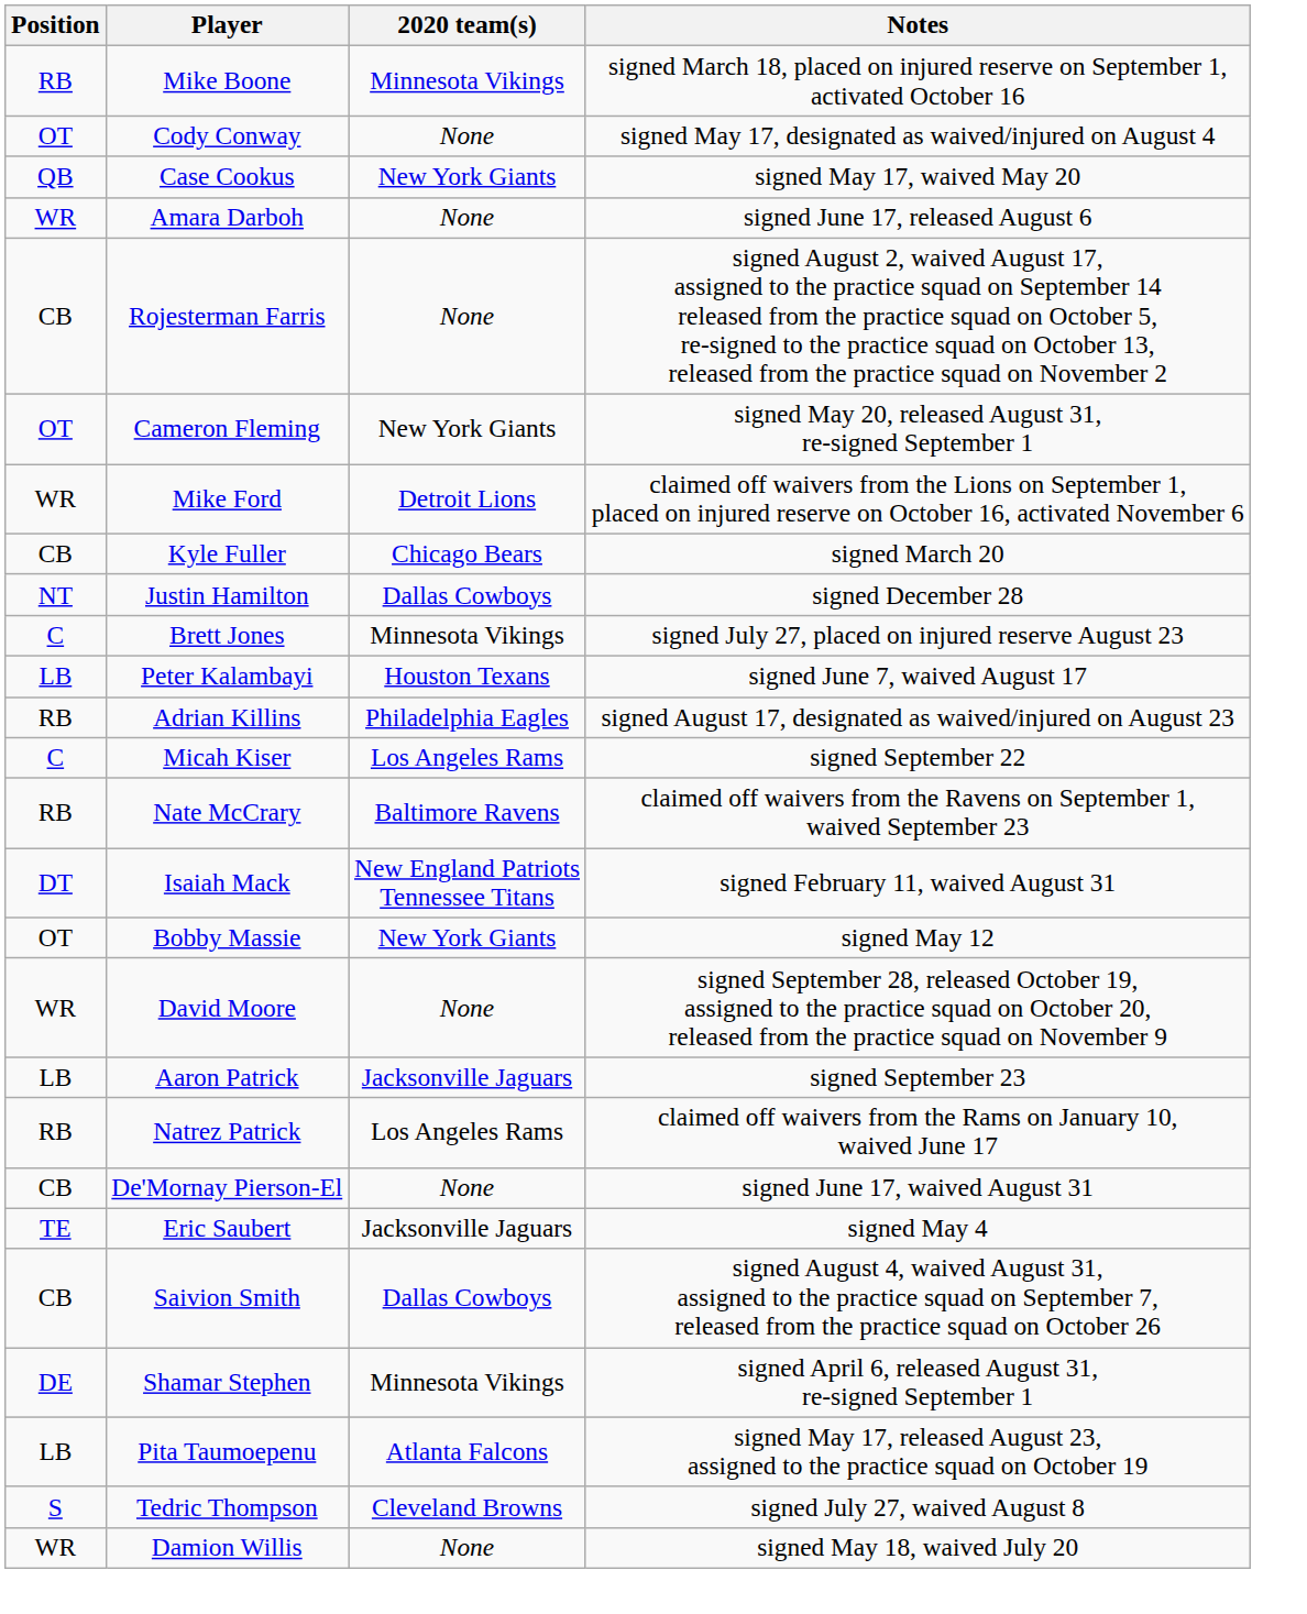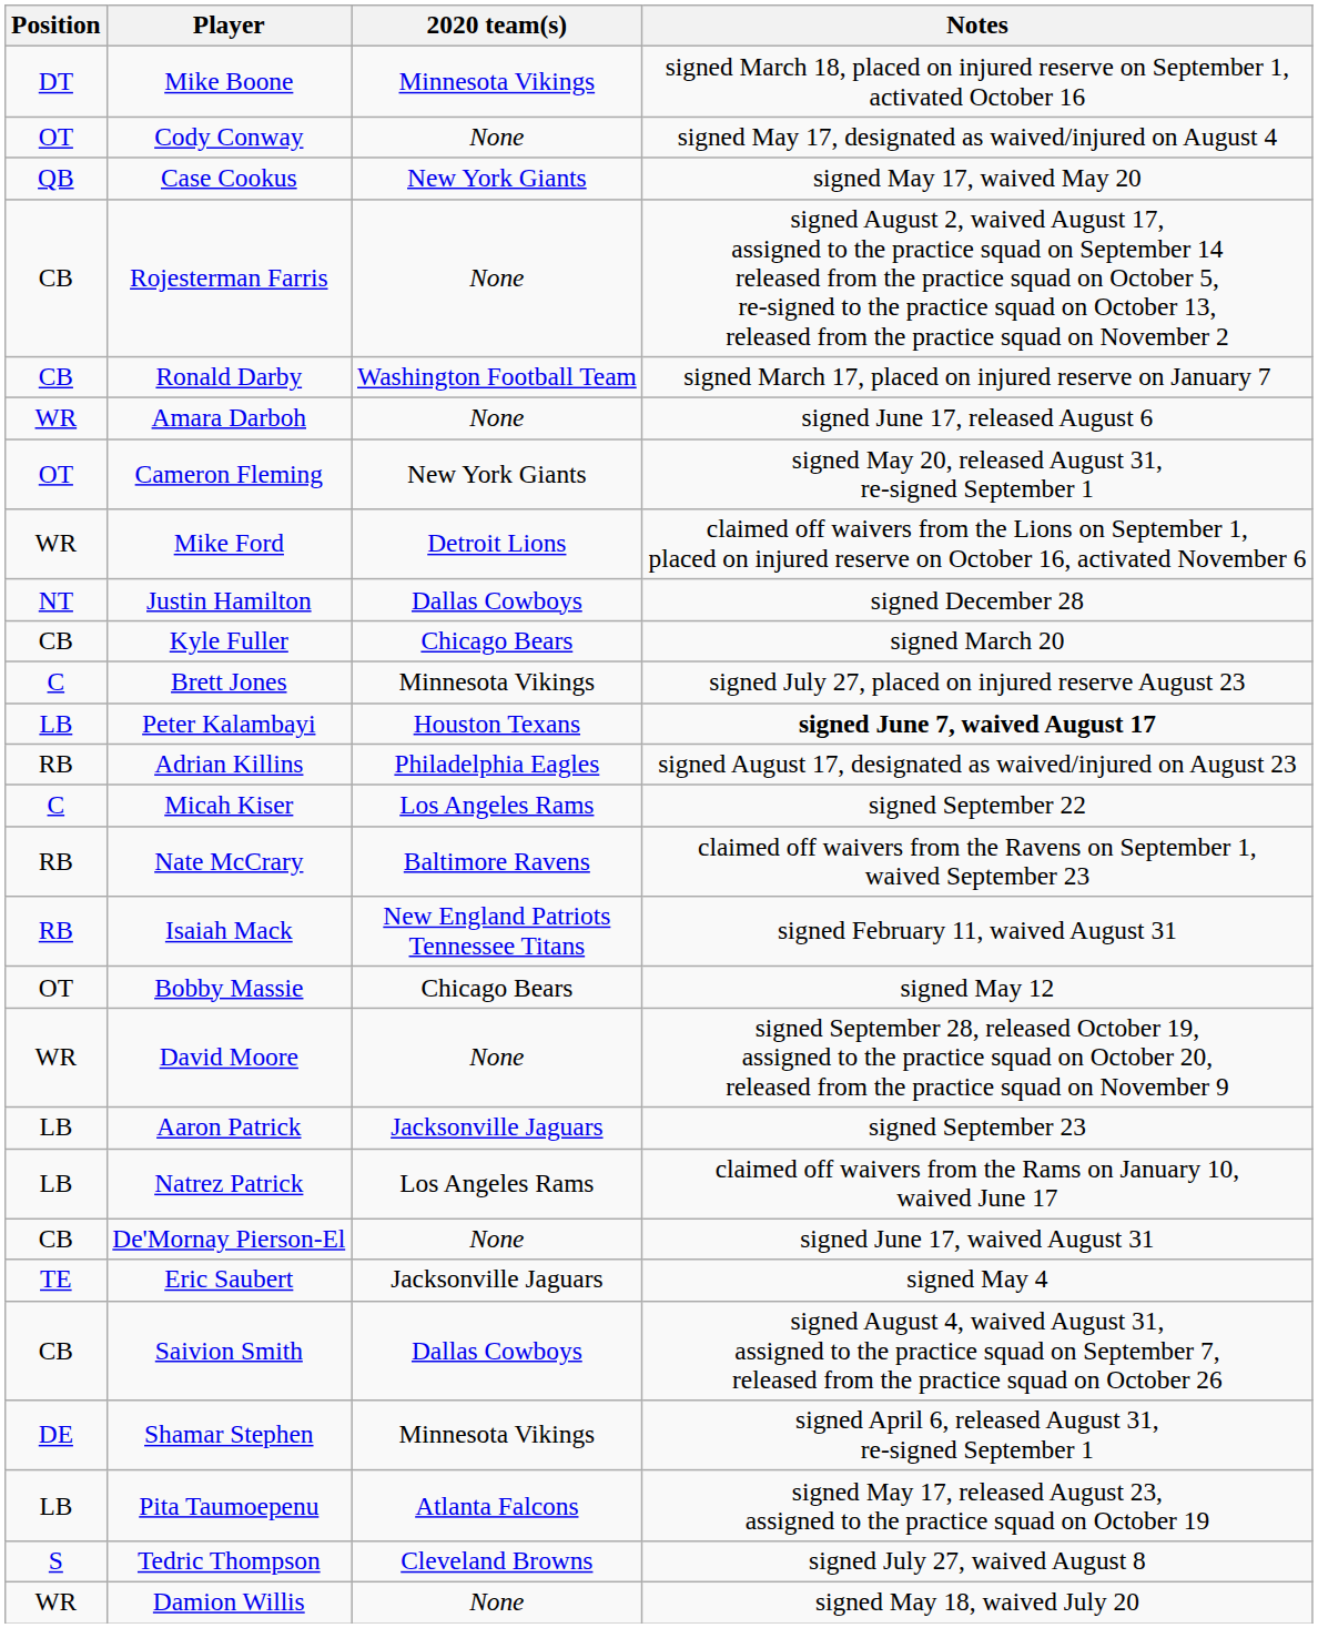 <table class="wikitable" style="text-align:center">
 <tr>
 <th>Position</th>
 <th>Player</th>
 <th>2020 team(s)</th>
 <th>Notes</th>
 </tr>
 <tr>
-<td><a href='#'>RB</a></td>
+<td><a href='#'>DT</a></td>
 <td><a href='#'>Mike Boone</a></td>
 <td><a href='#'>Minnesota Vikings</a></td>
 <td>signed March 18, placed on injured reserve on September 1,<br>activated October 16</td>
 </tr>
 <tr>
 <td><a href='#'>OT</a></td>
 <td><a href='#'>Cody Conway</a></td>
 <td><em>None</em></td>
 <td>signed May 17, designated as waived/injured on August 4</td>
 </tr>
 <tr>
 <td><a href='#'>QB</a></td>
 <td><a href='#'>Case Cookus</a></td>
 <td><a href='#'>New York Giants</a></td>
 <td>signed May 17, waived May 20</td>
 </tr>
 <tr>
+<td>CB</td>
+<td><a href='#'>Rojesterman Farris</a></td>
+<td><em>None</em></td>
+<td>signed August 2, waived August 17,<br>assigned to the practice squad on September 14<br>released from the practice squad on October 5,<br>re-signed to the practice squad on October 13,<br>released from the practice squad on November 2</td>
+</tr>
+<tr>
+<td><a href='#'>CB</a></td>
+<td><a href='#'>Ronald Darby</a></td>
+<td><a href='#'>Washington Football Team</a></td>
+<td>signed March 17, placed on injured reserve on January 7</td>
+</tr>
+<tr>
 <td><a href='#'>WR</a></td>
 <td><a href='#'>Amara Darboh</a></td>
 <td><em>None</em></td>
 <td>signed June 17, released August 6</td>
-</tr>
-<tr>
-<td>CB</td>
-<td><a href='#'>Rojesterman Farris</a></td>
-<td><em>None</em></td>
-<td>signed August 2, waived August 17,<br>assigned to the practice squad on September 14<br>released from the practice squad on October 5,<br>re-signed to the practice squad on October 13,<br>released from the practice squad on November 2</td>
 </tr>
 <tr>
 <td><a href='#'>OT</a></td>
 <td><a href='#'>Cameron Fleming</a></td>
 <td>New York Giants</td>
 <td>signed May 20, released August 31,<br>re-signed September 1</td>
 </tr>
 <tr>
 <td>WR</td>
 <td><a href='#'>Mike Ford</a></td>
 <td><a href='#'>Detroit Lions</a></td>
 <td>claimed off waivers from the Lions on September 1,<br>placed on injured reserve on October 16, activated November 6</td>
 </tr>
 <tr>
+<td><a href='#'>NT</a></td>
+<td><a href='#'>Justin Hamilton</a></td>
+<td><a href='#'>Dallas Cowboys</a></td>
+<td>signed December 28</td>
+</tr>
+<tr>
 <td>CB</td>
 <td><a href='#'>Kyle Fuller</a></td>
 <td><a href='#'>Chicago Bears</a></td>
 <td>signed March 20</td>
-</tr>
-<tr>
-<td><a href='#'>NT</a></td>
-<td><a href='#'>Justin Hamilton</a></td>
-<td><a href='#'>Dallas Cowboys</a></td>
-<td>signed December 28</td>
 </tr>
 <tr>
 <td><a href='#'>C</a></td>
 <td><a href='#'>Brett Jones</a></td>
 <td>Minnesota Vikings</td>
 <td>signed July 27, placed on injured reserve August 23</td>
 </tr>
 <tr>
 <td><a href='#'>LB</a></td>
 <td><a href='#'>Peter Kalambayi</a></td>
 <td><a href='#'>Houston Texans</a></td>
-<td>signed June 7, waived August 17</td>
+<td><strong>signed June 7, waived August 17</strong></td>
 </tr>
 <tr>
 <td>RB</td>
 <td><a href='#'>Adrian Killins</a></td>
 <td><a href='#'>Philadelphia Eagles</a></td>
 <td>signed August 17, designated as waived/injured on August 23</td>
 </tr>
 <tr>
 <td><a href='#'>C</a></td>
 <td><a href='#'>Micah Kiser</a></td>
 <td><a href='#'>Los Angeles Rams</a></td>
 <td>signed September 22</td>
 </tr>
 <tr>
 <td>RB</td>
 <td><a href='#'>Nate McCrary</a></td>
 <td><a href='#'>Baltimore Ravens</a></td>
 <td>claimed off waivers from the Ravens on September 1,<br>waived September 23</td>
 </tr>
 <tr>
-<td><a href='#'>DT</a></td>
+<td><a href='#'>RB</a></td>
 <td><a href='#'>Isaiah Mack</a></td>
 <td><a href='#'>New England Patriots</a><br><a href='#'>Tennessee Titans</a></td>
 <td>signed February 11, waived August 31</td>
 </tr>
 <tr>
 <td>OT</td>
 <td><a href='#'>Bobby Massie</a></td>
-<td><a href='#'>New York Giants</a></td>
+<td>Chicago Bears</td>
 <td>signed May 12</td>
 </tr>
 <tr>
 <td>WR</td>
 <td><a href='#'>David Moore</a></td>
 <td><em>None</em></td>
 <td>signed September 28, released October 19,<br>assigned to the practice squad on October 20,<br>released from the practice squad on November 9</td>
 </tr>
 <tr>
 <td>LB</td>
 <td><a href='#'>Aaron Patrick</a></td>
 <td><a href='#'>Jacksonville Jaguars</a></td>
 <td>signed September 23</td>
 </tr>
 <tr>
-<td>RB</td>
+<td>LB</td>
 <td><a href='#'>Natrez Patrick</a></td>
 <td>Los Angeles Rams</td>
 <td>claimed off waivers from the Rams on January 10,<br>waived June 17</td>
 </tr>
 <tr>
 <td>CB</td>
 <td><a href='#'>De'Mornay Pierson-El</a></td>
 <td><em>None</em></td>
 <td>signed June 17, waived August 31</td>
 </tr>
 <tr>
 <td><a href='#'>TE</a></td>
 <td><a href='#'>Eric Saubert</a></td>
 <td>Jacksonville Jaguars</td>
 <td>signed May 4</td>
 </tr>
 <tr>
 <td>CB</td>
 <td><a href='#'>Saivion Smith</a></td>
 <td><a href='#'>Dallas Cowboys</a></td>
 <td>signed August 4, waived August 31,<br>assigned to the practice squad on September 7,<br>released from the practice squad on October 26</td>
 </tr>
 <tr>
 <td><a href='#'>DE</a></td>
 <td><a href='#'>Shamar Stephen</a></td>
 <td>Minnesota Vikings</td>
 <td>signed April 6, released August 31,<br> re-signed September 1</td>
 </tr>
 <tr>
 <td>LB</td>
 <td><a href='#'>Pita Taumoepenu</a></td>
 <td><a href='#'>Atlanta Falcons</a></td>
 <td>signed May 17, released August 23,<br>assigned to the practice squad on October 19</td>
 </tr>
 <tr>
 <td><a href='#'>S</a></td>
 <td><a href='#'>Tedric Thompson</a></td>
 <td><a href='#'>Cleveland Browns</a></td>
 <td>signed July 27, waived August 8</td>
 </tr>
 <tr>
 <td>WR</td>
 <td><a href='#'>Damion Willis</a></td>
 <td><em>None</em></td>
 <td>signed May 18, waived July 20</td>
 </tr>
 </table>
